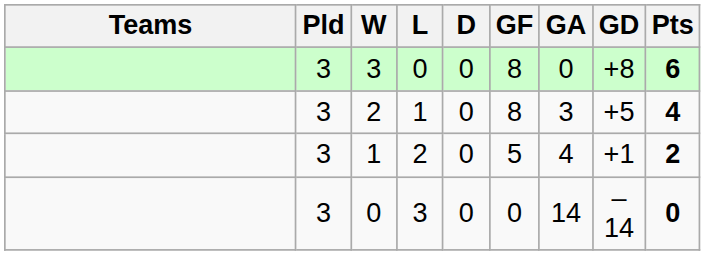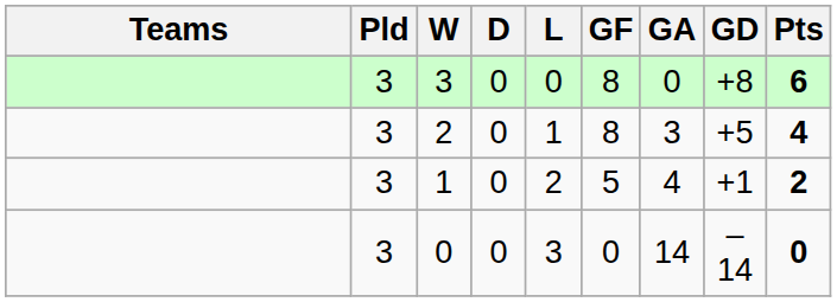 <table class="wikitable" style="text-align: center;">
 <tr>
 <th width=165>Teams</th>
 <th width=20>Pld</th>
 <th width=20>W</th>
+<th width=20>D</th>
 <th width=20>L</th>
-<th width=20>D</th>
 <th width=20>GF</th>
 <th width=20>GA</th>
 <th width=20>GD</th>
 <th width=20>Pts</th>
 </tr>
 <tr align=center style="background:#ccffcc;">
 <td style="text-align:left;"></td>
 <td>3</td>
 <td>3</td>
 <td>0</td>
 <td>0</td>
 <td>8</td>
 <td>0</td>
 <td>+8</td>
 <td><strong>6</strong></td>
 </tr>
 <tr align=center>
 <td style="text-align:left;"></td>
 <td>3</td>
 <td>2</td>
+<td>0</td>
 <td>1</td>
-<td>0</td>
 <td>8</td>
 <td>3</td>
 <td>+5</td>
 <td><strong>4</strong></td>
 </tr>
 <tr align=center>
 <td style="text-align:left;"></td>
 <td>3</td>
 <td>1</td>
+<td>0</td>
 <td>2</td>
-<td>0</td>
 <td>5</td>
 <td>4</td>
 <td>+1</td>
 <td><strong>2</strong></td>
 </tr>
 <tr align=center>
 <td style="text-align:left;"></td>
 <td>3</td>
 <td>0</td>
+<td>0</td>
 <td>3</td>
-<td>0</td>
 <td>0</td>
 <td>14</td>
 <td>–14</td>
 <td><strong>0</strong></td>
 </tr>
 </table>
